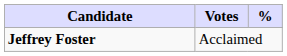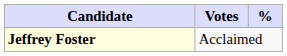 <table class="wikitable">
 <tr>
 <th style="background:#ddf; width:200px;">Candidate</th>
 <th style="background:#ddf; width:50px;">Votes</th>
 <th style="background:#ddf; width:30px;">%</th>
 </tr>
 <tr>
-<td><strong>Jeffrey Foster</strong></td>
+<td style="background: lightyellow;"><strong>Jeffrey Foster</strong></td>
 <td colspan="2">Acclaimed</td>
 </tr>
 </table>
